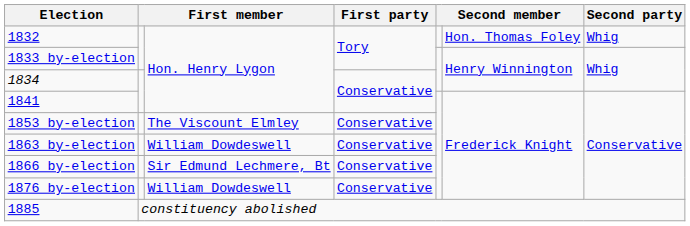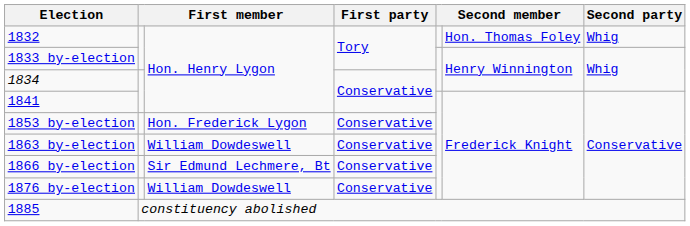 <table class="wikitable">
 <tr>
 <th>Election</th>
 <th colspan="2">First member</th>
 <th>First party</th>
 <th colspan="2">Second member</th>
 <th>Second party</th>
 </tr>
 <tr>
 <td><a href='#'>1832</a></td>
 <td rowspan="2" style="color:inherit;background-color: "></td>
 <td rowspan="4"><a href='#'>Hon. Henry Lygon</a></td>
 <td rowspan="2"><a href='#'>Tory</a></td>
 <td style="color:inherit;background-color: "></td>
 <td><a href='#'>Hon. Thomas Foley</a></td>
 <td><a href='#'>Whig</a></td>
 </tr>
 <tr>
 <td><a href='#'>1833 by-election</a></td>
 <td rowspan="2" style="color:inherit;background-color: "></td>
 <td rowspan="2"><a href='#'>Henry Winnington</a></td>
 <td rowspan="2"><a href='#'>Whig</a></td>
 </tr>
 <tr>
 <td><em>1834</em></td>
 <td rowspan="2" style="color:inherit;background-color: "></td>
 <td rowspan="2"><a href='#'>Conservative</a></td>
 </tr>
 <tr>
 <td><a href='#'>1841</a></td>
 <td rowspan="5" style="color:inherit;background-color: "></td>
 <td rowspan="5"><a href='#'>Frederick Knight</a></td>
 <td rowspan="5"><a href='#'>Conservative</a></td>
 </tr>
 <tr>
 <td><a href='#'>1853 by-election</a></td>
 <td style="color:inherit;background-color: "></td>
-<td><a href='#'>The Viscount Elmley</a></td>
+<td><a href='#'>Hon. Frederick Lygon</a></td>
 <td><a href='#'>Conservative</a></td>
 </tr>
 <tr>
 <td><a href='#'>1863 by-election</a></td>
 <td style="color:inherit;background-color: "></td>
 <td><a href='#'>William Dowdeswell</a></td>
 <td><a href='#'>Conservative</a></td>
 </tr>
 <tr>
 <td><a href='#'>1866 by-election</a></td>
 <td style="color:inherit;background-color: "></td>
 <td><a href='#'>Sir Edmund Lechmere, Bt</a></td>
 <td><a href='#'>Conservative</a></td>
 </tr>
 <tr>
 <td><a href='#'>1876 by-election</a></td>
 <td style="color:inherit;background-color: "></td>
 <td><a href='#'>William Dowdeswell</a></td>
 <td><a href='#'>Conservative</a></td>
 </tr>
 <tr>
 <td><a href='#'>1885</a></td>
 <td colspan="6"><em>constituency abolished</em></td>
 </tr>
 </table>
